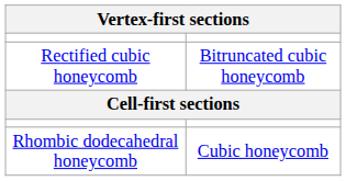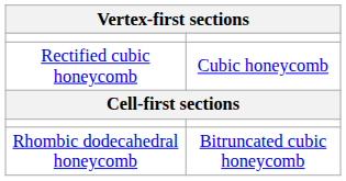 <table class="wikitable" width="300" style="text-align:center; float:right; margin:0.5em; background:white;">
 <tr>
 <th colspan="2">Vertex-first sections</th>
 </tr>
 <tr>
 <td></td>
 <td></td>
 </tr>
 <tr>
 <td><a href='#'>Rectified cubic honeycomb</a></td>
-<td><a href='#'>Bitruncated cubic honeycomb</a></td>
+<td><a href='#'>Cubic honeycomb</a></td>
 </tr>
 <tr>
 <th colspan="2">Cell-first sections</th>
 </tr>
 <tr>
 <td></td>
 <td></td>
 </tr>
 <tr>
 <td><a href='#'>Rhombic dodecahedral honeycomb</a></td>
-<td><a href='#'>Cubic honeycomb</a></td>
+<td><a href='#'>Bitruncated cubic honeycomb</a></td>
 </tr>
 </table>
